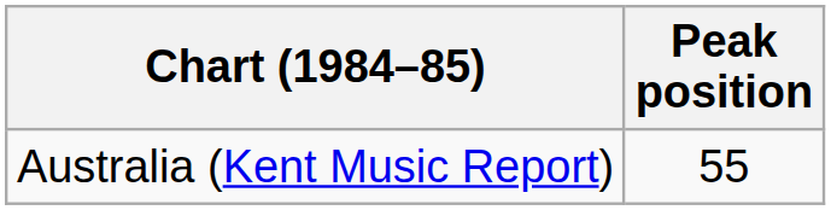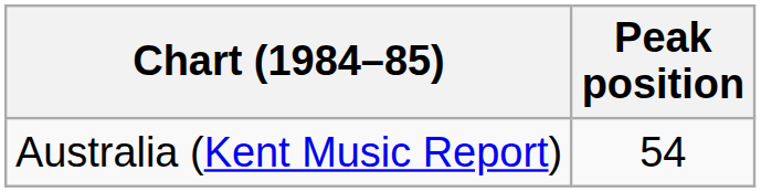 <table class="wikitable">
 <tr>
 <th scope="col">Chart (1984–85)</th>
 <th>Peak<br>position</th>
 </tr>
 <tr>
 <td>Australia (<a href='#'>Kent Music Report</a>)</td>
-<td style="text-align:center;">55</td>
+<td style="text-align:center;">54</td>
 </tr>
 </table>
